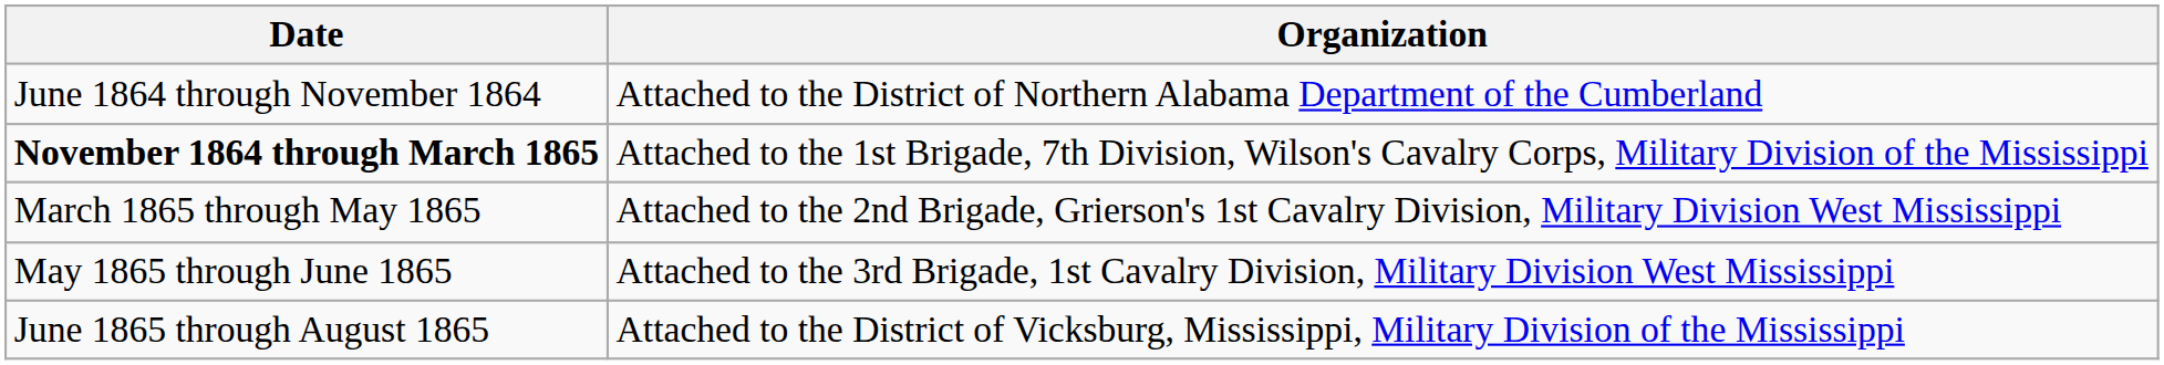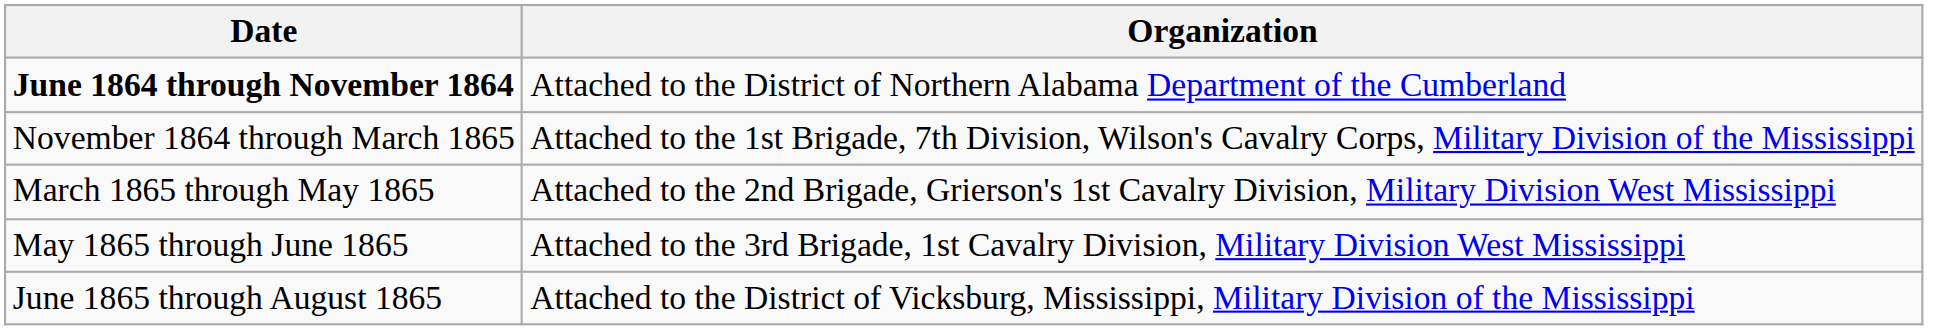 <table class="wikitable">
 <tr>
 <th>Date</th>
 <th>Organization</th>
 </tr>
 <tr>
-<td>June 1864 through November 1864</td>
+<td><strong>June 1864 through November 1864</strong></td>
 <td>Attached to the District of Northern Alabama <a href='#'>Department of the Cumberland</a></td>
 </tr>
 <tr>
-<td><strong>November 1864 through March 1865</strong></td>
+<td>November 1864 through March 1865</td>
 <td>Attached to the 1st Brigade, 7th Division, Wilson's Cavalry Corps, <a href='#'>Military Division of the Mississippi</a></td>
 </tr>
 <tr>
 <td>March 1865 through May 1865</td>
 <td>Attached to the 2nd Brigade, Grierson's 1st Cavalry Division, <a href='#'>Military Division West Mississippi</a></td>
 </tr>
 <tr>
 <td>May 1865 through June 1865</td>
 <td>Attached to the 3rd Brigade, 1st Cavalry Division, <a href='#'>Military Division West Mississippi</a></td>
 </tr>
 <tr>
 <td>June 1865 through August 1865</td>
 <td>Attached to the District of Vicksburg, Mississippi, <a href='#'>Military Division of the Mississippi</a></td>
 </tr>
 </table>
